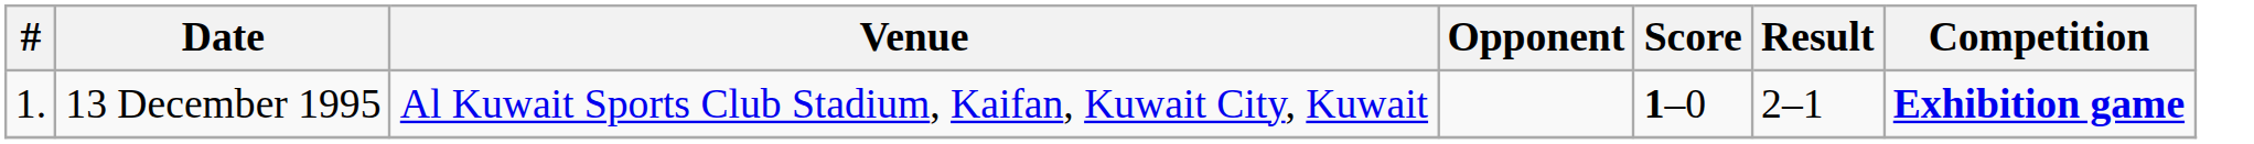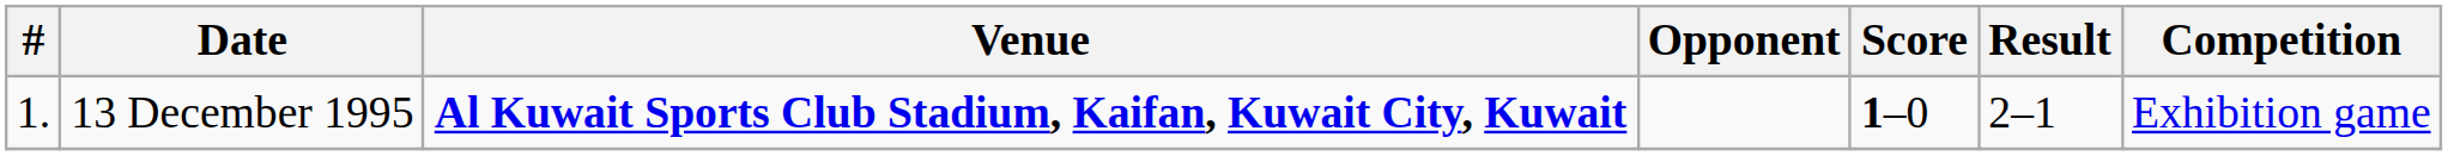 <table class="wikitable">
 <tr>
 <th>#</th>
 <th>Date</th>
 <th>Venue</th>
 <th>Opponent</th>
 <th>Score</th>
 <th>Result</th>
 <th>Competition</th>
 </tr>
 <tr>
 <td>1.</td>
 <td>13 December 1995</td>
-<td><a href='#'>Al Kuwait Sports Club Stadium</a>, <a href='#'>Kaifan</a>, <a href='#'>Kuwait City</a>, <a href='#'>Kuwait</a></td>
+<td><strong><a href='#'>Al Kuwait Sports Club Stadium</a>, <a href='#'>Kaifan</a>, <a href='#'>Kuwait City</a>, <a href='#'>Kuwait</a></strong></td>
 <td></td>
 <td><strong>1</strong>–0</td>
 <td>2–1</td>
-<td><strong><a href='#'>Exhibition game</a></strong></td>
+<td><a href='#'>Exhibition game</a></td>
 </tr>
 <tr>
 </tr>
 </table>
